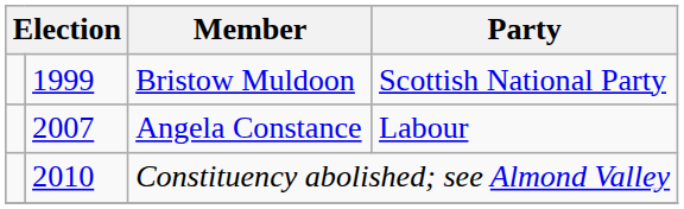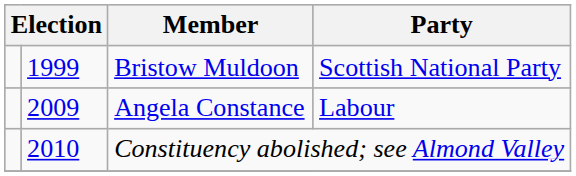 <table class="wikitable">
 <tr>
 <th colspan="2">Election</th>
 <th>Member</th>
 <th>Party</th>
 </tr>
 <tr>
 <td style="background-color: "></td>
 <td><a href='#'>1999</a></td>
 <td><a href='#'>Bristow Muldoon</a></td>
 <td><a href='#'>Scottish National Party</a></td>
 </tr>
 <tr>
 <td style="background-color: "></td>
-<td><a href='#'>2007</a></td>
+<td><a href='#'>2009</a></td>
 <td><a href='#'>Angela Constance</a></td>
 <td><a href='#'>Labour</a></td>
 </tr>
 <tr>
 <td></td>
 <td><a href='#'>2010</a></td>
 <td colspan="3"><em>Constituency abolished; see <a href='#'>Almond Valley</a></em></td>
 </tr>
 <tr>
 </tr>
 </table>
